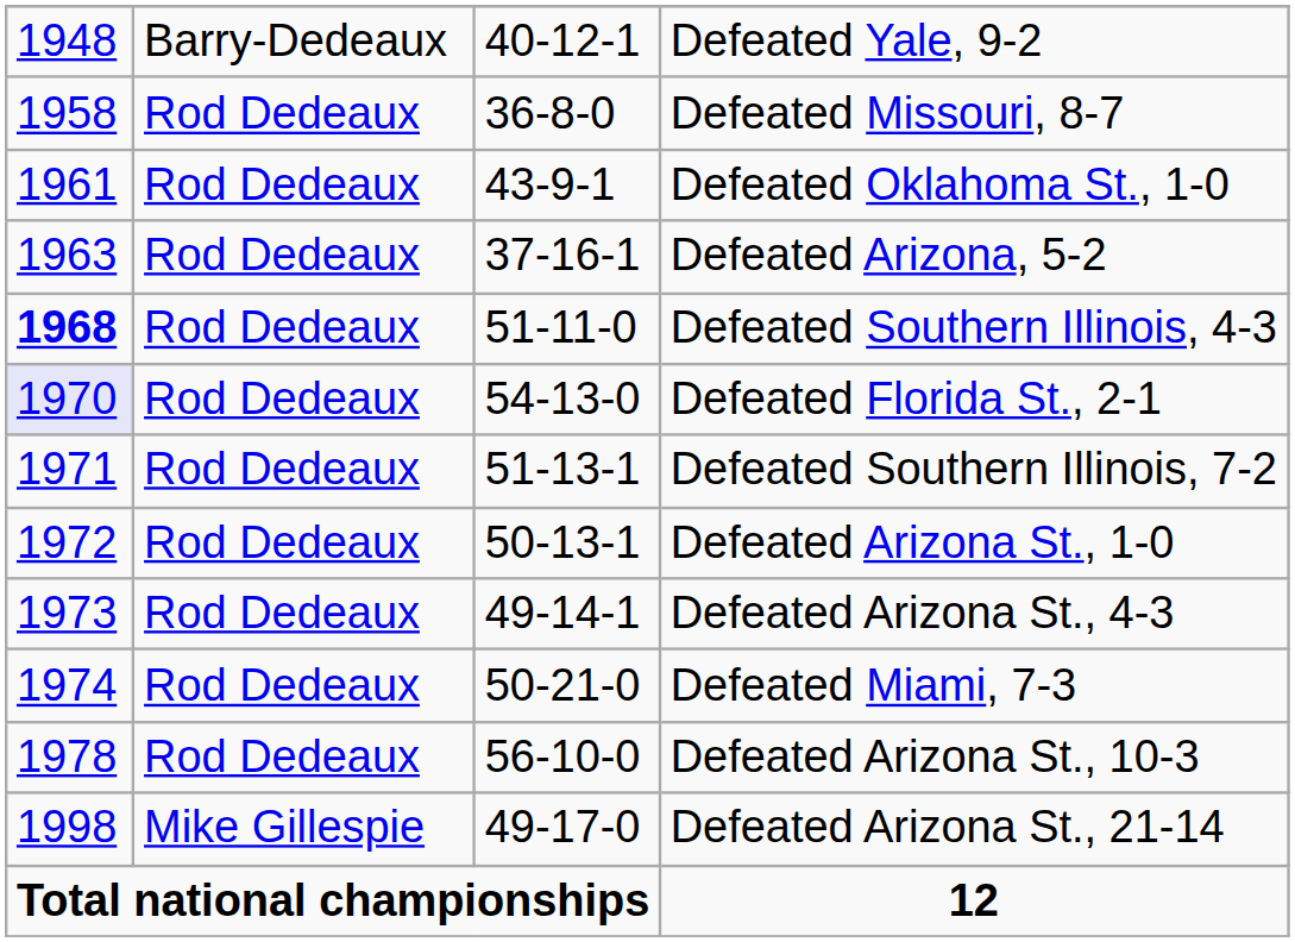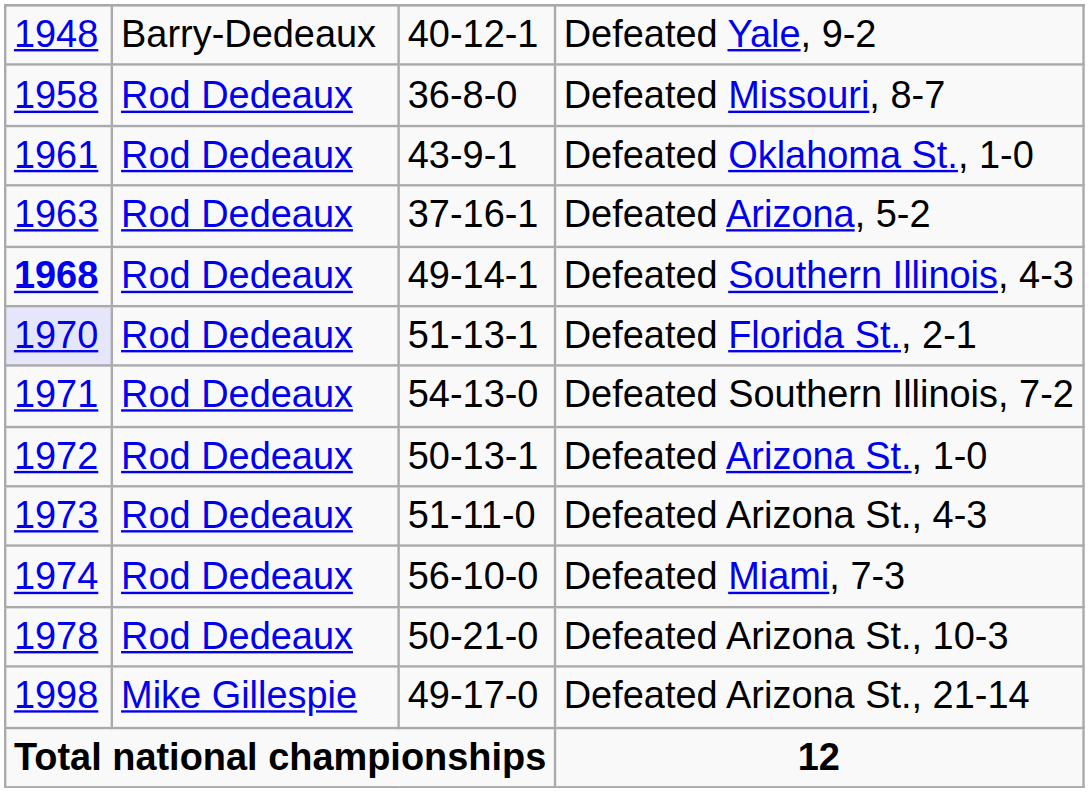 <table class="wikitable sortable">
 <tr>
 </tr>
 <tr>
 <td><a href='#'>1948</a></td>
 <td>Barry-Dedeaux</td>
 <td>40-12-1</td>
 <td>Defeated <a href='#'>Yale</a>, 9-2</td>
 </tr>
 <tr>
 <td><a href='#'>1958</a></td>
 <td><a href='#'>Rod Dedeaux</a></td>
 <td>36-8-0</td>
 <td>Defeated <a href='#'>Missouri</a>, 8-7</td>
 </tr>
 <tr>
 <td><a href='#'>1961</a></td>
 <td><a href='#'>Rod Dedeaux</a></td>
 <td>43-9-1</td>
 <td>Defeated <a href='#'>Oklahoma St.</a>, 1-0</td>
 </tr>
 <tr>
 <td><a href='#'>1963</a></td>
 <td><a href='#'>Rod Dedeaux</a></td>
 <td>37-16-1</td>
 <td>Defeated <a href='#'>Arizona</a>, 5-2</td>
 </tr>
 <tr>
 <td><strong><a href='#'>1968</a></strong></td>
 <td><a href='#'>Rod Dedeaux</a></td>
-<td>51-11-0</td>
+<td>49-14-1</td>
 <td>Defeated <a href='#'>Southern Illinois</a>, 4-3</td>
 </tr>
 <tr>
 <td style="background: lavender;"><a href='#'>1970</a></td>
 <td><a href='#'>Rod Dedeaux</a></td>
-<td>54-13-0</td>
+<td>51-13-1</td>
 <td>Defeated <a href='#'>Florida St.</a>, 2-1</td>
 </tr>
 <tr>
 <td><a href='#'>1971</a></td>
 <td><a href='#'>Rod Dedeaux</a></td>
-<td>51-13-1</td>
+<td>54-13-0</td>
 <td>Defeated Southern Illinois, 7-2</td>
 </tr>
 <tr>
 <td><a href='#'>1972</a></td>
 <td><a href='#'>Rod Dedeaux</a></td>
 <td>50-13-1</td>
 <td>Defeated <a href='#'>Arizona St.</a>, 1-0</td>
 </tr>
 <tr>
 <td><a href='#'>1973</a></td>
 <td><a href='#'>Rod Dedeaux</a></td>
-<td>49-14-1</td>
+<td>51-11-0</td>
 <td>Defeated Arizona St., 4-3</td>
 </tr>
 <tr>
 <td><a href='#'>1974</a></td>
 <td><a href='#'>Rod Dedeaux</a></td>
-<td>50-21-0</td>
+<td>56-10-0</td>
 <td>Defeated <a href='#'>Miami</a>, 7-3</td>
 </tr>
 <tr>
 <td><a href='#'>1978</a></td>
 <td><a href='#'>Rod Dedeaux</a></td>
-<td>56-10-0</td>
+<td>50-21-0</td>
 <td>Defeated Arizona St., 10-3</td>
 </tr>
 <tr>
 <td><a href='#'>1998</a></td>
 <td><a href='#'>Mike Gillespie</a></td>
 <td>49-17-0</td>
 <td>Defeated Arizona St., 21-14</td>
 </tr>
 <tr class="sortbottom" style="text-align:center; color:#000; background:#">
 <td colspan=3 !><strong>Total national championships</strong></td>
 <td colspan=2 !><strong>12</strong></td>
 </tr>
 </table>
